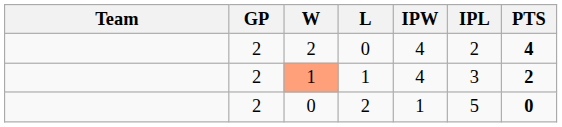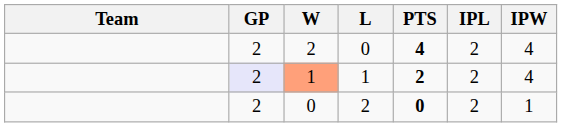 <table class="wikitable" style="text-align: center">
 <tr>
 <th style="width: 188px">Team</th>
 <th style="width: 40px">GP</th>
 <th style="width: 40px">W</th>
 <th style="width: 40px">L</th>
+<th style="width: 40px">PTS</th>
+<th style="width: 40px">IPL</th>
 <th style="width: 40px">IPW</th>
-<th style="width: 40px">IPL</th>
-<th style="width: 40px">PTS</th>
 </tr>
 <tr>
 <td style="text-align: left"></td>
 <td>2</td>
 <td>2</td>
 <td>0</td>
+<td><strong>4</strong></td>
+<td>2</td>
 <td>4</td>
-<td>2</td>
-<td><strong>4</strong></td>
 </tr>
 <tr>
 <td style="text-align: left"></td>
-<td>2</td>
+<td style="background: lavender;">2</td>
 <td style="background: lightsalmon;">1</td>
 <td>1</td>
+<td><strong>2</strong></td>
+<td>2</td>
 <td>4</td>
-<td>3</td>
-<td><strong>2</strong></td>
 </tr>
 <tr>
 <td style="text-align: left"></td>
 <td>2</td>
 <td>0</td>
 <td>2</td>
+<td><strong>0</strong></td>
+<td>2</td>
 <td>1</td>
-<td>5</td>
-<td><strong>0</strong></td>
 </tr>
 </table>
